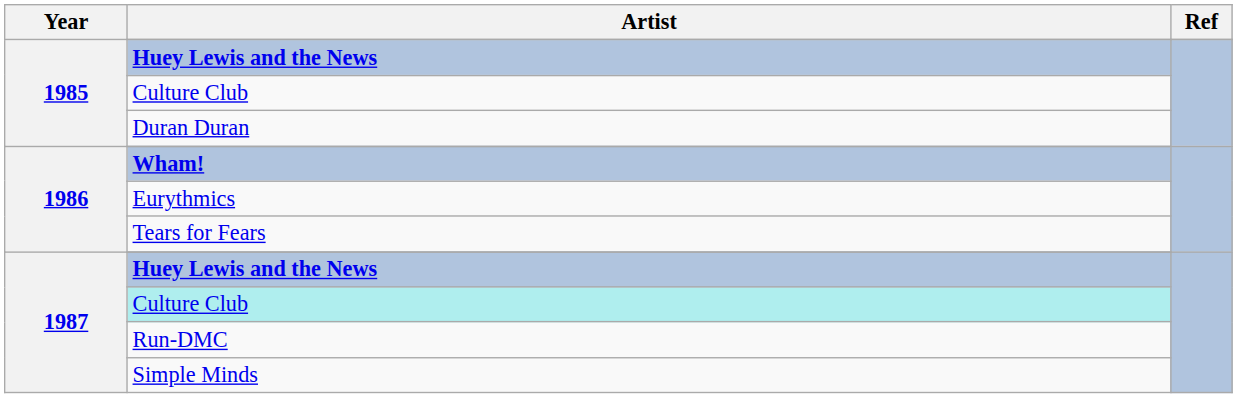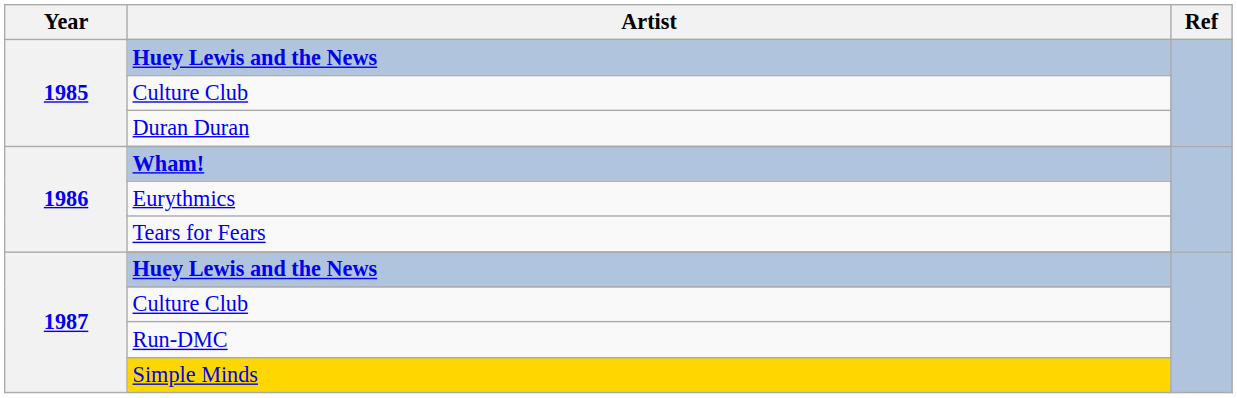 <table class="wikitable" width="100%">
 <tr>
 <th width="10%">Year</th>
 <th width="85%">Artist</th>
 <th width="5%">Ref</th>
 </tr>
 <tr>
 <th rowspan="4" align="center"><a href='#'>1985<br></a></th>
 </tr>
 <tr style="background:#B0C4DE">
 <td><strong><a href='#'>Huey Lewis and the News</a></strong></td>
 <td rowspan="4" align="center"></td>
 </tr>
 <tr>
 <td><a href='#'>Culture Club</a></td>
 </tr>
 <tr>
 <td><a href='#'>Duran Duran</a></td>
 </tr>
 <tr>
 <th rowspan="4" align="center"><a href='#'>1986<br></a></th>
 </tr>
 <tr style="background:#B0C4DE">
 <td><strong><a href='#'>Wham!</a></strong></td>
 <td rowspan="4" align="center"></td>
 </tr>
 <tr>
 <td><a href='#'>Eurythmics</a></td>
 </tr>
 <tr>
 <td><a href='#'>Tears for Fears</a></td>
 </tr>
 <tr>
 <th rowspan="5" align="center"><a href='#'>1987<br></a></th>
 </tr>
 <tr style="background:#B0C4DE">
 <td><strong><a href='#'>Huey Lewis and the News</a></strong></td>
 <td rowspan="5" align="center"></td>
 </tr>
 <tr>
-<td style="background: paleturquoise;"><a href='#'>Culture Club</a></td>
+<td><a href='#'>Culture Club</a></td>
 </tr>
 <tr>
 <td><a href='#'>Run-DMC</a></td>
 </tr>
 <tr>
-<td><a href='#'>Simple Minds</a></td>
+<td style="background: gold;"><a href='#'>Simple Minds</a></td>
 </tr>
 </table>
